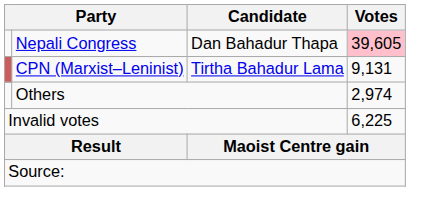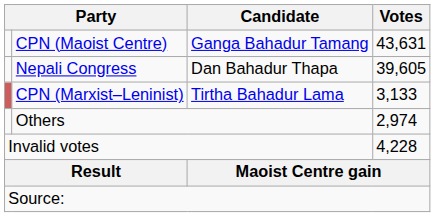 <table class="wikitable">
 <tr>
 <th colspan="2">Party</th>
 <th>Candidate</th>
 <th>Votes</th>
 </tr>
 <tr>
 <td style="background-color:"></td>
+<td><a href='#'>CPN (Maoist Centre)</a></td>
+<td><a href='#'>Ganga Bahadur Tamang</a></td>
+<td>43,631</td>
+</tr>
+<tr>
+<td style="background-color:"></td>
 <td><a href='#'>Nepali Congress</a></td>
 <td>Dan Bahadur Thapa</td>
-<td style="background: pink;">39,605</td>
+<td>39,605</td>
 </tr>
 <tr>
 <td style="background-color:indianred"></td>
 <td><a href='#'>CPN (Marxist–Leninist)</a></td>
 <td><a href='#'>Tirtha Bahadur Lama</a></td>
-<td>9,131</td>
+<td>3,133</td>
 </tr>
 <tr>
 <td></td>
 <td colspan="2">Others</td>
 <td>2,974</td>
 </tr>
 <tr>
 <td colspan="3">Invalid votes</td>
-<td>6,225</td>
+<td>4,228</td>
 </tr>
 <tr>
 <th colspan="2">Result</th>
 <th colspan="2">Maoist Centre gain</th>
 </tr>
 <tr>
 <td colspan="4">Source: </td>
 </tr>
 </table>
